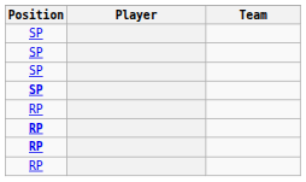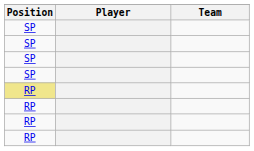 <table class="wikitable sortable plainrowheaders" style="text-align:center;">
 <tr>
 </tr>
 <tr>
 <th scope="col">Position</th>
 <th scope="col" style="width:150px;">Player</th>
 <th scope="col" style="width:100px;">Team</th>
 </tr>
 <tr>
 <td><a href='#'>SP</a></td>
 <th scope="row" style="text-align:center"></th>
 <td></td>
 </tr>
 <tr>
 <td><a href='#'>SP</a></td>
 <th scope="row" style="text-align:center"></th>
 <td></td>
 </tr>
 <tr>
 <td><a href='#'>SP</a></td>
 <th scope="row" style="text-align:center"></th>
 <td></td>
 </tr>
 <tr>
-<td><strong><a href='#'>SP</a></strong></td>
+<td><a href='#'>SP</a></td>
+<th scope="row" style="text-align:center"></th>
+<td></td>
+</tr>
+<tr>
+<td style="background: khaki;"><a href='#'>RP</a></td>
 <th scope="row" style="text-align:center"></th>
 <td></td>
 </tr>
 <tr>
 <td><a href='#'>RP</a></td>
 <th scope="row" style="text-align:center"></th>
 <td></td>
 </tr>
 <tr>
-<td><strong><a href='#'>RP</a></strong></td>
-<th scope="row" style="text-align:center"></th>
-<td></td>
-</tr>
-<tr>
-<td><strong><a href='#'>RP</a></strong></td>
+<td><a href='#'>RP</a></td>
 <th scope="row" style="text-align:center"></th>
 <td></td>
 </tr>
 <tr>
 <td><a href='#'>RP</a></td>
 <th scope="row" style="text-align:center"></th>
 <td></td>
 </tr>
 </table>
